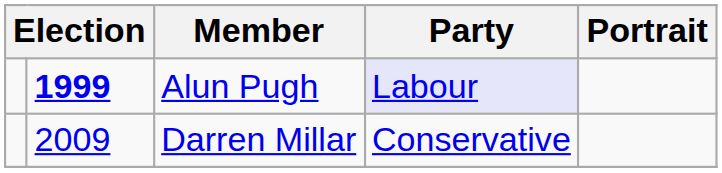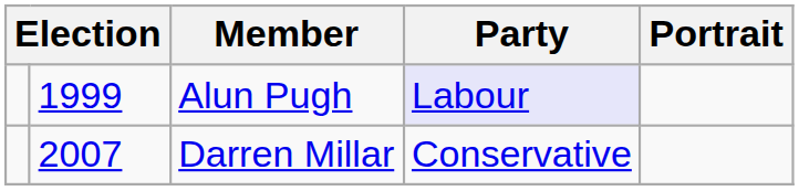 <table class="wikitable">
 <tr>
 <th colspan="2">Election</th>
 <th>Member</th>
 <th>Party</th>
 <th>Portrait</th>
 </tr>
 <tr>
 <td style="background-color: "></td>
-<td><strong><a href='#'>1999</a></strong></td>
+<td><a href='#'>1999</a></td>
 <td><a href='#'>Alun Pugh</a></td>
 <td style="background: lavender;"><a href='#'>Labour</a></td>
 <td></td>
 </tr>
 <tr>
 <td style="background-color: "></td>
-<td><a href='#'>2009</a></td>
+<td><a href='#'>2007</a></td>
 <td><a href='#'>Darren Millar</a></td>
 <td><a href='#'>Conservative</a></td>
 <td></td>
 </tr>
 <tr>
 </tr>
 </table>
